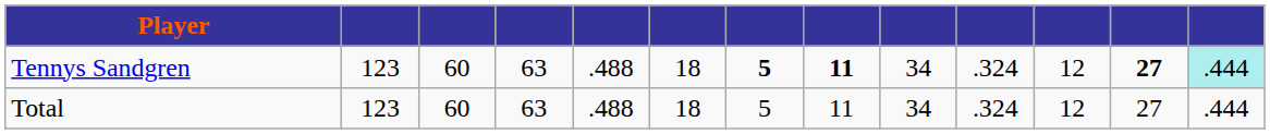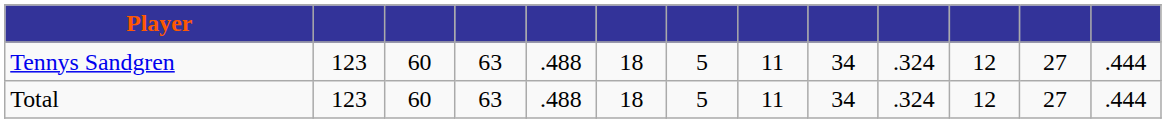 <table class="wikitable" style="text-align:center">
 <tr>
 <th style="background:#333399; color:#FF5800" width="200px">Player</th>
 <th style="background:#333399; color:#FF5800" width="40px"></th>
 <th style="background:#333399; color:#FF5800" width="40px"></th>
 <th style="background:#333399; color:#FF5800" width="40px"></th>
 <th style="background:#333399; color:#FF5800" width="40px"></th>
 <th style="background:#333399; color:#FF5800" width="40px"></th>
 <th style="background:#333399; color:#FF5800" width="40px"></th>
 <th style="background:#333399; color:#FF5800" width="40px"></th>
 <th style="background:#333399; color:#FF5800" width="40px"></th>
 <th style="background:#333399; color:#FF5800" width="40px"></th>
 <th style="background:#333399; color:#FF5800" width="40px"></th>
 <th style="background:#333399; color:#FF5800" width="40px"></th>
 <th style="background:#333399; color:#FF5800" width="40px"></th>
 </tr>
 <tr>
 <td style="text-align:left"><a href='#'>Tennys Sandgren</a></td>
 <td>123</td>
 <td>60</td>
 <td>63</td>
 <td>.488</td>
 <td>18</td>
-<td><strong>5</strong></td>
-<td><strong>11</strong></td>
+<td>5</td>
+<td>11</td>
 <td>34</td>
 <td>.324</td>
 <td>12</td>
-<td><strong>27</strong></td>
-<td style="background: paleturquoise;">.444</td>
+<td>27</td>
+<td>.444</td>
 </tr>
 <tr>
 <td style="text-align:left">Total</td>
 <td>123</td>
 <td>60</td>
 <td>63</td>
 <td>.488</td>
 <td>18</td>
 <td>5</td>
 <td>11</td>
 <td>34</td>
 <td>.324</td>
 <td>12</td>
 <td>27</td>
 <td>.444</td>
 </tr>
 </table>
